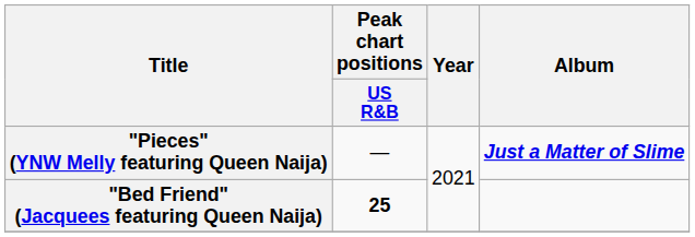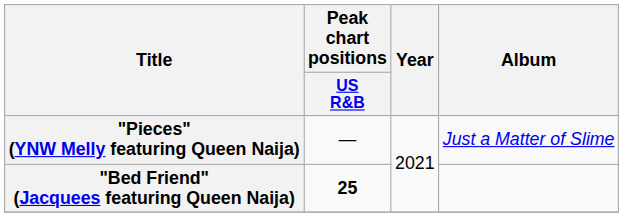 <table class="wikitable plainrowheaders" style="text-align:center;">
 <tr>
 <th rowspan="2">Title</th>
 <th scope="col" colspan="1">Peak chart positions</th>
 <th rowspan="2">Year</th>
 <th rowspan="2">Album</th>
 </tr>
 <tr>
 <th scope="col" style="width:3em;font-size:90%;"><a href='#'>US<br>R&B</a></th>
 </tr>
 <tr>
 <th scope="row">"Pieces"<br><span>(<a href='#'>YNW Melly</a> featuring Queen Naija)</span></th>
 <td>—</td>
 <td rowspan="2">2021</td>
-<td><strong><em><a href='#'>Just a Matter of Slime</a></em></strong></td>
+<td><em><a href='#'>Just a Matter of Slime</a></em></td>
 </tr>
 <tr>
 <th scope="row">"Bed Friend"<br><span>(<a href='#'>Jacquees</a> featuring Queen Naija)</span></th>
 <td><strong>25</strong></td>
 <td></td>
 </tr>
 <tr>
 </tr>
 </table>
